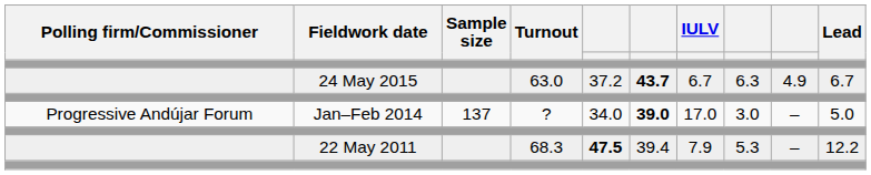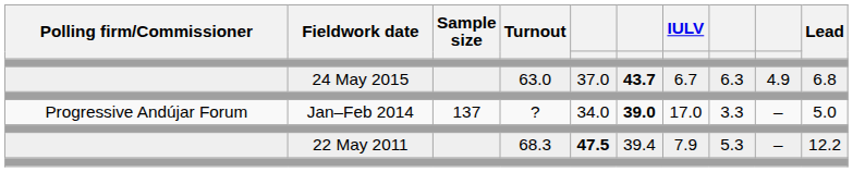 <table class="wikitable collapsible collapsed" style="text-align:center; font-size:95%; line-height:16px;">
 <tr style="height:42px;">
 <th style="width:250px;" rowspan="2">Polling firm/Commissioner</th>
 <th style="width:125px;" rowspan="2">Fieldwork date</th>
 <th style="width:50px;" rowspan="2">Sample size</th>
 <th style="width:45px;" rowspan="2">Turnout</th>
 <th style="width:35px;"></th>
 <th style="width:35px;"></th>
 <th style="width:35px;"><a href='#'>IULV</a></th>
 <th style="width:35px;"></th>
 <th style="width:35px;"></th>
 <th style="width:30px;" rowspan="2">Lead</th>
 </tr>
 <tr>
 <th style="color:inherit;background:"></th>
 <th style="color:inherit;background:"></th>
 <th style="color:inherit;background:"></th>
 <th style="color:inherit;background:"></th>
 <th style="color:inherit;background:"></th>
 </tr>
 <tr>
 <td colspan="10" style="background:#A0A0A0"></td>
 </tr>
 <tr style="background:#EFEFEF;">
 <td><strong></strong></td>
 <td>24 May 2015</td>
 <td></td>
 <td>63.0</td>
-<td>37.2<br></td>
+<td>37.0<br></td>
 <td><strong>43.7</strong><br></td>
 <td>6.7<br></td>
 <td>6.3<br></td>
 <td>4.9<br></td>
-<td style="background:">6.7</td>
+<td style="background:">6.8</td>
 </tr>
 <tr>
 <td colspan="10" style="background:#A0A0A0"></td>
 </tr>
 <tr>
 <td>Progressive Andújar Forum</td>
 <td>Jan–Feb 2014</td>
 <td>137</td>
 <td>?</td>
 <td>34.0<br></td>
 <td><strong>39.0</strong><br></td>
 <td>17.0<br></td>
-<td>3.0<br></td>
+<td>3.3<br></td>
 <td>–</td>
 <td style="background:">5.0</td>
 </tr>
 <tr>
 <td colspan="10" style="background:#A0A0A0"></td>
 </tr>
 <tr style="background:#EFEFEF;">
 <td><strong></strong></td>
 <td>22 May 2011</td>
 <td></td>
 <td>68.3</td>
 <td><strong>47.5</strong><br></td>
 <td>39.4<br></td>
 <td>7.9<br></td>
 <td>5.3<br></td>
 <td>–</td>
 <td style="background:">12.2</td>
 </tr>
 <tr>
 <td colspan="10" style="background:#A0A0A0"></td>
 </tr>
 </table>
